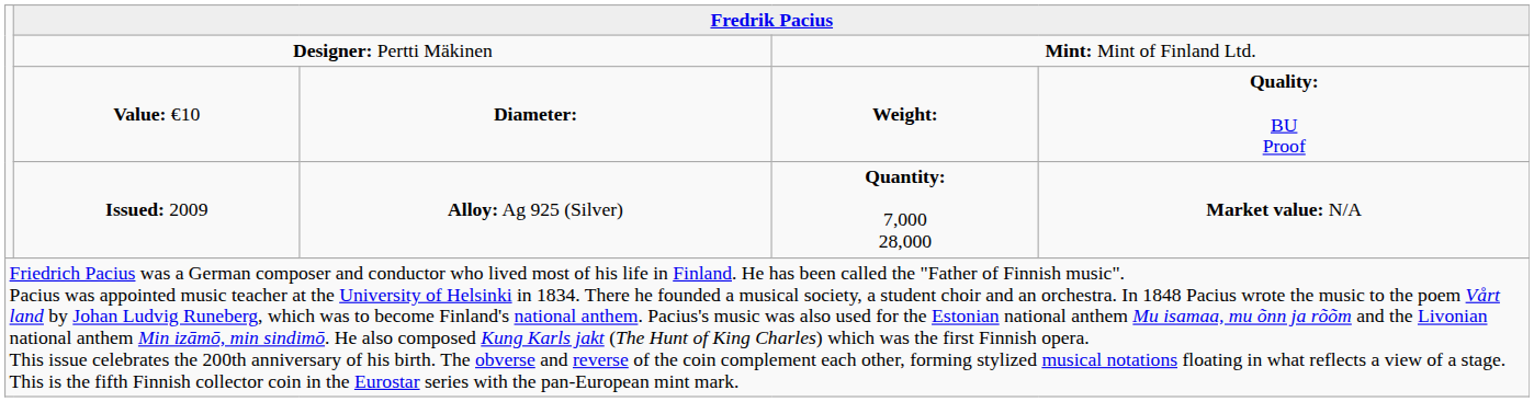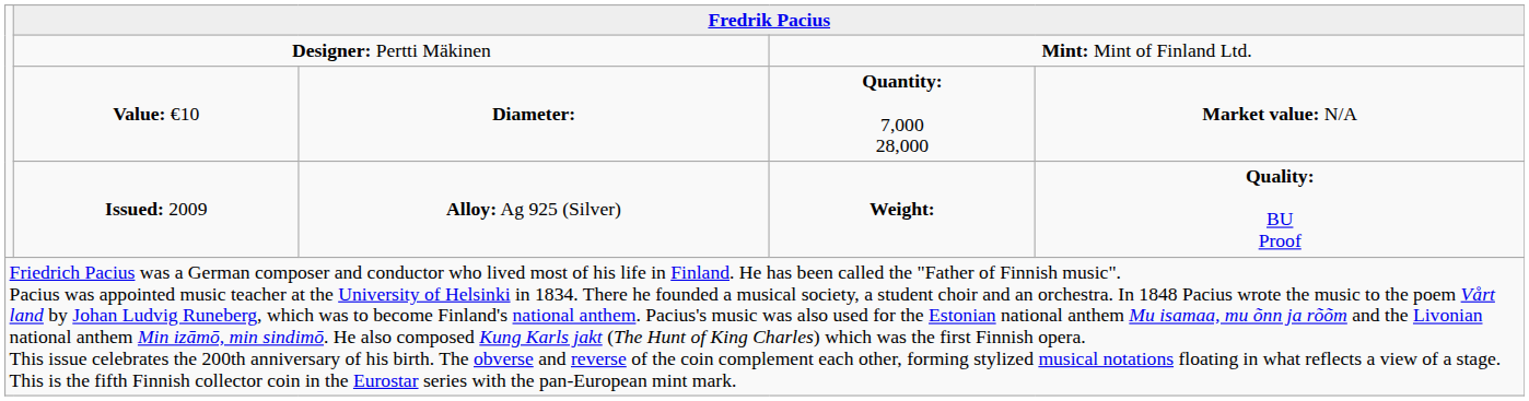 <table class="wikitable" style="width:100%;">
 <tr>
 <td rowspan="4"  style="white-space:nowrap; width:330px; text-align:center;"></td>
 <th colspan="4"  style="text-align:center; background:#eee;"><a href='#'>Fredrik Pacius</a></th>
 </tr>
 <tr style="text-align:center;">
 <td colspan="2"  style="width:50%; "><strong>Designer:</strong> Pertti Mäkinen</td>
 <td colspan="2"  style="width:50%; "><strong>Mint:</strong> Mint of Finland Ltd.</td>
 </tr>
 <tr>
 <td align=center><strong>Value:</strong> €10</td>
 <td align=center><strong>Diameter:</strong> </td>
-<td align=center><strong>Weight:</strong> </td>
-<td align=center><strong>Quality:</strong> <br><br><a href='#'>BU</a><br> <a href='#'>Proof</a></td>
+<td align=center><strong>Quantity:</strong> <br><br>7,000<br> 28,000</td>
+<td align=center><strong>Market value:</strong> N/A</td>
 </tr>
 <tr>
 <td align=center><strong>Issued:</strong> 2009</td>
 <td align=center><strong>Alloy:</strong> Ag 925 (Silver)</td>
-<td align=center><strong>Quantity:</strong> <br><br>7,000<br> 28,000</td>
-<td align=center><strong>Market value:</strong> N/A</td>
+<td align=center><strong>Weight:</strong> </td>
+<td align=center><strong>Quality:</strong> <br><br><a href='#'>BU</a><br> <a href='#'>Proof</a></td>
 </tr>
 <tr>
 <td colspan="5" style="text-align:left;"><a href='#'>Friedrich Pacius</a> was a German composer and conductor who lived most of his life in <a href='#'>Finland</a>. He has been called the "Father of Finnish music".<br>Pacius was appointed music teacher at the <a href='#'>University of Helsinki</a> in 1834. There he founded a musical society, a student choir and an orchestra. In 1848 Pacius wrote the music to the poem <em><a href='#'>Vårt land</a></em> by <a href='#'>Johan Ludvig Runeberg</a>, which was to become Finland's <a href='#'>national anthem</a>. Pacius's music was also used for the <a href='#'>Estonian</a> national anthem <em><a href='#'>Mu isamaa, mu õnn ja rõõm</a></em> and the <a href='#'>Livonian</a> national anthem <em><a href='#'>Min izāmō, min sindimō</a></em>.  He also composed <em><a href='#'>Kung Karls jakt</a></em> (<em>The Hunt of King Charles</em>) which was the first Finnish opera.<br>This issue celebrates the 200th anniversary of his birth. The <a href='#'>obverse</a> and <a href='#'>reverse</a> of the coin complement each other, forming stylized <a href='#'>musical notations</a> floating in what reflects a view of a stage. This is the fifth Finnish collector coin in the <a href='#'>Eurostar</a> series with the pan-European mint mark.</td>
 </tr>
 </table>
